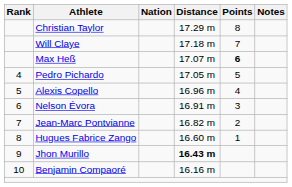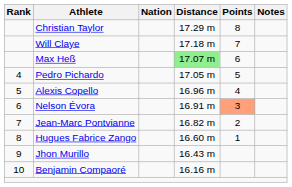 <table class="wikitable mw-datatable sortable" style="text-align:center;">
 <tr>
 <th>Rank</th>
 <th>Athlete</th>
 <th>Nation</th>
 <th>Distance</th>
 <th>Points</th>
 <th>Notes</th>
 </tr>
 <tr>
 <td></td>
 <td align=left><a href='#'>Christian Taylor</a></td>
 <td align=left></td>
 <td>17.29 m </td>
 <td>8</td>
 <td></td>
 </tr>
 <tr>
 <td></td>
 <td align=left><a href='#'>Will Claye</a></td>
 <td align=left></td>
 <td>17.18 m </td>
 <td>7</td>
 <td></td>
 </tr>
 <tr>
 <td></td>
 <td align=left><a href='#'>Max Heß</a></td>
 <td align=left></td>
-<td>17.07 m </td>
-<td><strong>6</strong></td>
+<td style="background: lightgreen;">17.07 m </td>
+<td>6</td>
 <td></td>
 </tr>
 <tr>
 <td>4</td>
 <td align=left><a href='#'>Pedro Pichardo</a></td>
 <td align=left></td>
 <td>17.05 m </td>
 <td>5</td>
 <td></td>
 </tr>
 <tr>
 <td>5</td>
 <td align=left><a href='#'>Alexis Copello</a></td>
 <td align=left></td>
 <td>16.96 m </td>
 <td>4</td>
 <td></td>
 </tr>
 <tr>
 <td>6</td>
 <td align=left><a href='#'>Nelson Évora</a></td>
 <td align=left></td>
 <td>16.91 m </td>
-<td>3</td>
+<td style="background: lightsalmon;">3</td>
 <td></td>
 </tr>
 <tr>
 <td>7</td>
 <td align=left><a href='#'>Jean-Marc Pontvianne</a></td>
 <td align=left></td>
 <td>16.82 m </td>
 <td>2</td>
 <td></td>
 </tr>
 <tr>
 <td>8</td>
 <td align=left><a href='#'>Hugues Fabrice Zango</a></td>
 <td align=left></td>
 <td>16.60 m </td>
 <td>1</td>
 <td></td>
 </tr>
 <tr>
 <td>9</td>
 <td align=left><a href='#'>Jhon Murillo</a></td>
 <td align=left></td>
-<td><strong>16.43 m </strong></td>
+<td>16.43 m </td>
 <td></td>
 <td></td>
 </tr>
 <tr>
 <td>10</td>
 <td align=left><a href='#'>Benjamin Compaoré</a></td>
 <td align=left></td>
 <td>16.16 m </td>
 <td></td>
 <td></td>
 </tr>
 <tr class="sortbottom">
 <td colspan=6></td>
 </tr>
 </table>
